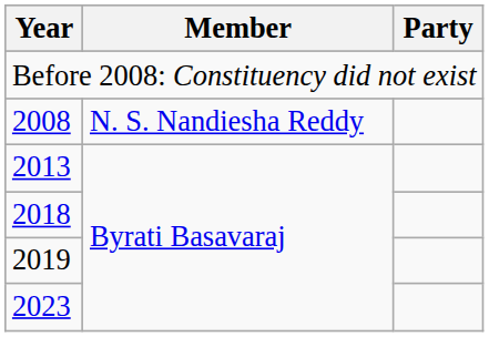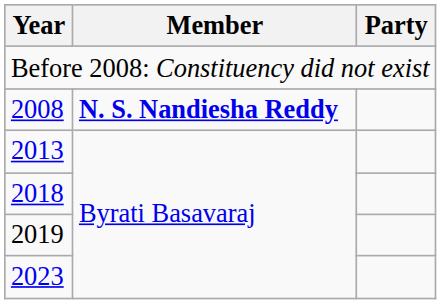 <table class="wikitable sortable">
 <tr>
 <th>Year</th>
 <th>Member</th>
 <th colspan=2>Party</th>
 </tr>
 <tr>
 <td colspan=4>Before 2008: <em>Constituency did not exist</em></td>
 </tr>
 <tr>
 <td><a href='#'>2008</a></td>
-<td><a href='#'>N. S. Nandiesha Reddy</a></td>
+<td><strong><a href='#'>N. S. Nandiesha Reddy</a></strong></td>
 <td></td>
 </tr>
 <tr>
 <td><a href='#'>2013</a></td>
 <td rowspan=4><a href='#'>Byrati Basavaraj</a></td>
 <td></td>
 </tr>
 <tr>
 <td><a href='#'>2018</a></td>
 </tr>
 <tr>
 <td>2019</td>
 <td></td>
 </tr>
 <tr>
 <td><a href='#'>2023</a></td>
 </tr>
 </table>
